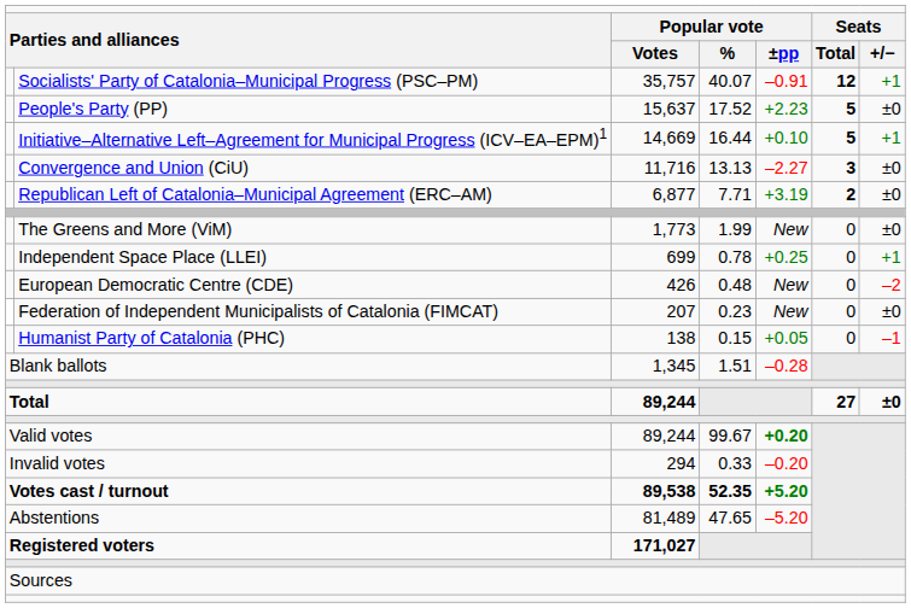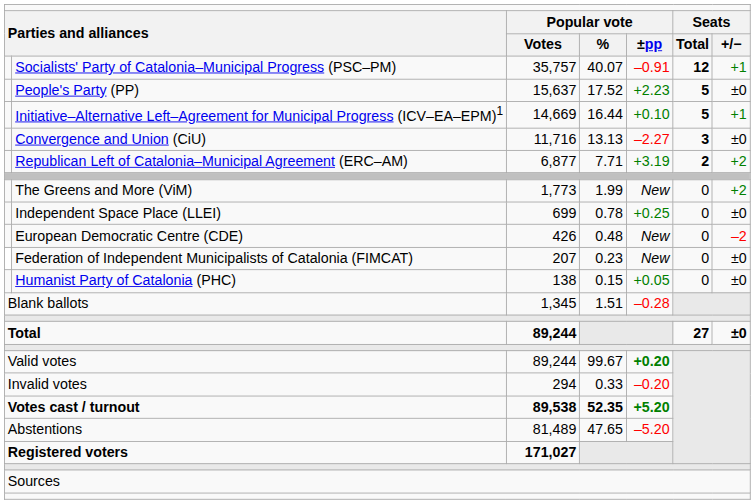 <table class="wikitable" style="text-align:right;">
 <tr>
 <td colspan="7"></td>
 </tr>
 <tr>
 <th style="text-align:left;" rowspan="2" colspan="2" width="525">Parties and alliances</th>
 <th colspan="3">Popular vote</th>
 <th colspan="2">Seats</th>
 </tr>
 <tr>
 <th width="75">Votes</th>
 <th width="45">%</th>
 <th width="45">±<a href='#'>pp</a></th>
 <th width="35">Total</th>
 <th width="35">+/−</th>
 </tr>
 <tr>
 <td width="1" style="color:inherit;background:"></td>
 <td align="left"><a href='#'>Socialists' Party of Catalonia–Municipal Progress</a> (PSC–PM)</td>
 <td>35,757</td>
 <td>40.07</td>
 <td style="color:red;">–0.91</td>
 <td><strong>12</strong></td>
 <td style="color:green;">+1</td>
 </tr>
 <tr>
 <td style="color:inherit;background:"></td>
 <td align="left"><a href='#'>People's Party</a> (PP)</td>
 <td>15,637</td>
 <td>17.52</td>
 <td style="color:green;">+2.23</td>
 <td><strong>5</strong></td>
 <td>±0</td>
 </tr>
 <tr>
 <td style="color:inherit;background:"></td>
 <td align="left"><a href='#'>Initiative–Alternative Left–Agreement for Municipal Progress</a> (ICV–EA–EPM)<sup>1</sup></td>
 <td>14,669</td>
 <td>16.44</td>
 <td style="color:green;">+0.10</td>
 <td><strong>5</strong></td>
 <td style="color:green;">+1</td>
 </tr>
 <tr>
 <td style="color:inherit;background:"></td>
 <td align="left"><a href='#'>Convergence and Union</a> (CiU)</td>
 <td>11,716</td>
 <td>13.13</td>
 <td style="color:red;">–2.27</td>
 <td><strong>3</strong></td>
 <td>±0</td>
 </tr>
 <tr>
 <td style="color:inherit;background:"></td>
 <td align="left"><a href='#'>Republican Left of Catalonia–Municipal Agreement</a> (ERC–AM)</td>
 <td>6,877</td>
 <td>7.71</td>
 <td style="color:green;">+3.19</td>
 <td><strong>2</strong></td>
-<td>±0</td>
+<td style="color:green;">+2</td>
 </tr>
 <tr>
 <td colspan="7" style="color:inherit;background:#C0C0C0"></td>
 </tr>
 <tr>
 <td style="color:inherit;background:"></td>
 <td align="left">The Greens and More (ViM)</td>
 <td>1,773</td>
 <td>1.99</td>
 <td><em>New</em></td>
 <td>0</td>
-<td>±0</td>
+<td style="color:green;">+2</td>
 </tr>
 <tr>
 <td style="color:inherit;background:"></td>
 <td align="left">Independent Space Place (LLEI)</td>
 <td>699</td>
 <td>0.78</td>
 <td style="color:green;">+0.25</td>
 <td>0</td>
-<td style="color:green;">+1</td>
+<td>±0</td>
 </tr>
 <tr>
 <td style="color:inherit;background:"></td>
 <td align="left">European Democratic Centre (CDE)</td>
 <td>426</td>
 <td>0.48</td>
 <td><em>New</em></td>
 <td>0</td>
 <td style="color:red;">–2</td>
 </tr>
 <tr>
 <td bgcolor="white"></td>
 <td align="left">Federation of Independent Municipalists of Catalonia (FIMCAT)</td>
 <td>207</td>
 <td>0.23</td>
 <td><em>New</em></td>
 <td>0</td>
 <td>±0</td>
 </tr>
 <tr>
 <td style="color:inherit;background:"></td>
 <td align="left"><a href='#'>Humanist Party of Catalonia</a> (PHC)</td>
 <td>138</td>
 <td>0.15</td>
 <td style="color:green;">+0.05</td>
 <td>0</td>
-<td style="color:red;">–1</td>
+<td>±0</td>
 </tr>
 <tr>
 <td align="left" colspan="2">Blank ballots</td>
 <td>1,345</td>
 <td>1.51</td>
 <td style="color:red;">–0.28</td>
 <td style="color:inherit;background:#E9E9E9" colspan="2"></td>
 </tr>
 <tr>
 <td colspan="7" style="color:inherit;background:#E9E9E9"></td>
 </tr>
 <tr style="font-weight:bold;">
 <td align="left" colspan="2">Total</td>
 <td>89,244</td>
 <td bgcolor="#E9E9E9" colspan="2"></td>
 <td>27</td>
 <td>±0</td>
 </tr>
 <tr>
 <td colspan="7" style="color:inherit;background:#E9E9E9"></td>
 </tr>
 <tr>
 <td align="left" colspan="2">Valid votes</td>
 <td>89,244</td>
 <td>99.67</td>
 <td style="color:green;"><strong>+0.20</strong></td>
 <td bgcolor="#E9E9E9" colspan="2" rowspan="5"></td>
 </tr>
 <tr>
 <td align="left" colspan="2">Invalid votes</td>
 <td>294</td>
 <td>0.33</td>
 <td style="color:red;">–0.20</td>
 </tr>
 <tr style="font-weight:bold;">
 <td align="left" colspan="2">Votes cast / turnout</td>
 <td>89,538</td>
 <td>52.35</td>
 <td style="color:green;">+5.20</td>
 </tr>
 <tr>
 <td align="left" colspan="2">Abstentions</td>
 <td>81,489</td>
 <td>47.65</td>
 <td style="color:red;">–5.20</td>
 </tr>
 <tr style="font-weight:bold;">
 <td align="left" colspan="2">Registered voters</td>
 <td>171,027</td>
 <td bgcolor="#E9E9E9" colspan="2"></td>
 </tr>
 <tr>
 <td colspan="7" style="color:inherit;background:#E9E9E9"></td>
 </tr>
 <tr>
 <td align="left" colspan="7">Sources</td>
 </tr>
 <tr>
 <td colspan="7" style="text-align:left; max-width:790px;"></td>
 </tr>
 </table>
